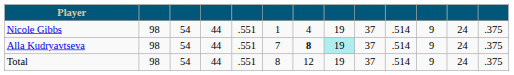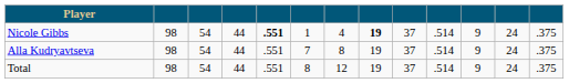 <table class="wikitable" style="text-align:center">
 <tr>
 <th style="background:#015779; color:#E2C993" width="200px">Player</th>
 <th style="background:#015779; color:#E2C993" width="40px"></th>
 <th style="background:#015779; color:#E2C993" width="40px"></th>
 <th style="background:#015779; color:#E2C993" width="40px"></th>
 <th style="background:#015779; color:#E2C993" width="40px"></th>
 <th style="background:#015779; color:#E2C993" width="40px"></th>
 <th style="background:#015779; color:#E2C993" width="40px"></th>
 <th style="background:#015779; color:#E2C993" width="40px"></th>
 <th style="background:#015779; color:#E2C993" width="40px"></th>
 <th style="background:#015779; color:#E2C993" width="40px"></th>
 <th style="background:#015779; color:#E2C993" width="40px"></th>
 <th style="background:#015779; color:#E2C993" width="40px"></th>
 <th style="background:#015779; color:#E2C993" width="40px"></th>
 </tr>
 <tr>
 <td style="text-align:left"><a href='#'>Nicole Gibbs</a></td>
 <td>98</td>
 <td>54</td>
 <td>44</td>
-<td>.551</td>
+<td><strong>.551</strong></td>
 <td>1</td>
 <td>4</td>
-<td>19</td>
+<td><strong>19</strong></td>
 <td>37</td>
 <td>.514</td>
 <td>9</td>
 <td>24</td>
 <td>.375</td>
 </tr>
 <tr>
 <td style="text-align:left"><a href='#'>Alla Kudryavtseva</a></td>
 <td>98</td>
 <td>54</td>
 <td>44</td>
 <td>.551</td>
 <td>7</td>
-<td><strong>8</strong></td>
-<td style="background: paleturquoise;">19</td>
+<td>8</td>
+<td>19</td>
 <td>37</td>
 <td>.514</td>
 <td>9</td>
 <td>24</td>
 <td>.375</td>
 </tr>
 <tr>
 <td style="text-align:left">Total</td>
 <td>98</td>
 <td>54</td>
 <td>44</td>
 <td>.551</td>
 <td>8</td>
 <td>12</td>
 <td>19</td>
 <td>37</td>
 <td>.514</td>
 <td>9</td>
 <td>24</td>
 <td>.375</td>
 </tr>
 </table>
